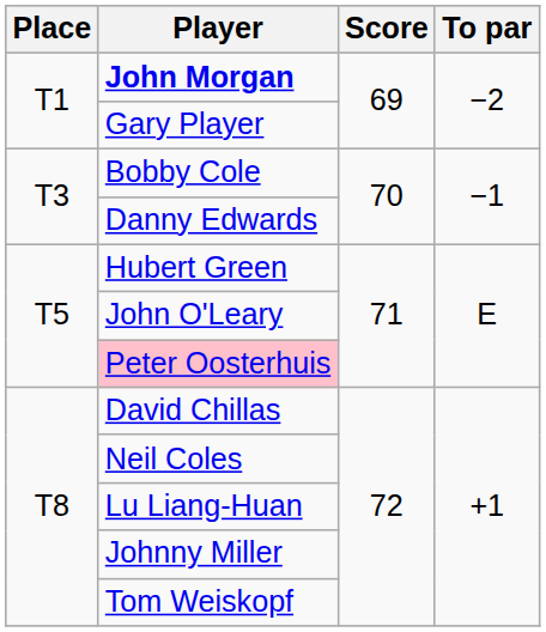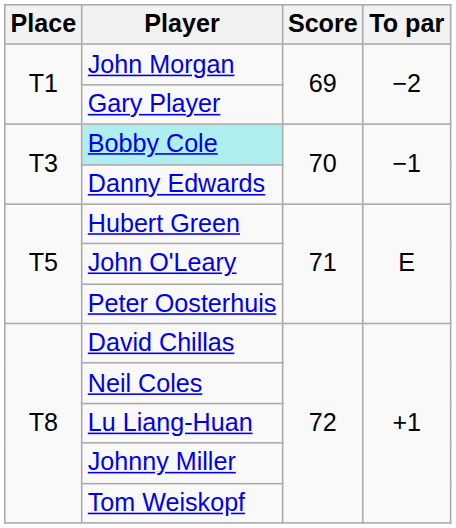 <table class="wikitable">
 <tr>
 <th>Place</th>
 <th>Player</th>
 <th>Score</th>
 <th>To par</th>
 </tr>
 <tr>
 <td rowspan="2" align=center>T1</td>
-<td><strong> <a href='#'>John Morgan</a></strong></td>
+<td> <a href='#'>John Morgan</a></td>
 <td rowspan="2" align=center>69</td>
 <td rowspan="2" align=center>−2</td>
 </tr>
 <tr>
 <td> <a href='#'>Gary Player</a></td>
 </tr>
 <tr>
 <td rowspan="2" align=center>T3</td>
-<td> <a href='#'>Bobby Cole</a></td>
+<td style="background: paleturquoise;"> <a href='#'>Bobby Cole</a></td>
 <td rowspan="2" align=center>70</td>
 <td rowspan="2" align=center>−1</td>
 </tr>
 <tr>
 <td> <a href='#'>Danny Edwards</a></td>
 </tr>
 <tr>
 <td rowspan="3" align=center>T5</td>
 <td> <a href='#'>Hubert Green</a></td>
 <td rowspan="3" align=center>71</td>
 <td rowspan="3" align=center>E</td>
 </tr>
 <tr>
 <td> <a href='#'>John O'Leary</a></td>
 </tr>
 <tr>
-<td style="background: pink;"> <a href='#'>Peter Oosterhuis</a></td>
+<td> <a href='#'>Peter Oosterhuis</a></td>
 </tr>
 <tr>
 <td rowspan="5" align=center>T8</td>
 <td> <a href='#'>David Chillas</a></td>
 <td rowspan="5" align=center>72</td>
 <td rowspan="5" align=center>+1</td>
 </tr>
 <tr>
 <td> <a href='#'>Neil Coles</a></td>
 </tr>
 <tr>
 <td> <a href='#'>Lu Liang-Huan</a></td>
 </tr>
 <tr>
 <td> <a href='#'>Johnny Miller</a></td>
 </tr>
 <tr>
 <td> <a href='#'>Tom Weiskopf</a></td>
 </tr>
 </table>
